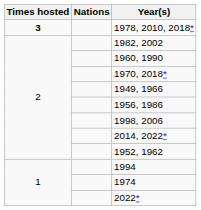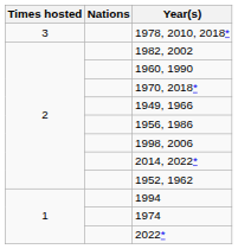 <table class="wikitable">
 <tr>
 <th>Times hosted</th>
 <th>Nations</th>
 <th>Year(s)</th>
 </tr>
 <tr>
-<td align=center><strong>3</strong></td>
+<td align=center>3</td>
 <td></td>
 <td>1978, 2010, 2018<a href='#'>*</a></td>
 </tr>
 <tr>
 <td align=center rowspan=8>2</td>
 <td></td>
 <td>1982, 2002</td>
 </tr>
 <tr>
 <td></td>
 <td>1960, 1990</td>
 </tr>
 <tr>
 <td></td>
 <td>1970, 2018<a href='#'>*</a></td>
 </tr>
 <tr>
 <td><em></em></td>
 <td>1949, 1966</td>
 </tr>
 <tr>
 <td></td>
 <td>1956, 1986</td>
 </tr>
 <tr>
 <td></td>
 <td>1998, 2006</td>
 </tr>
 <tr>
 <td></td>
 <td>2014, 2022<a href='#'>*</a></td>
 </tr>
 <tr>
 <td><em></em></td>
 <td>1952, 1962</td>
 </tr>
 <tr>
 <td align=center rowspan=3>1</td>
 <td></td>
 <td>1994</td>
 </tr>
 <tr>
 <td></td>
 <td>1974</td>
 </tr>
 <tr>
 <td></td>
 <td>2022<a href='#'>*</a></td>
 </tr>
 </table>
